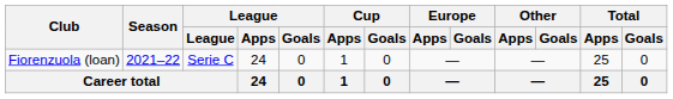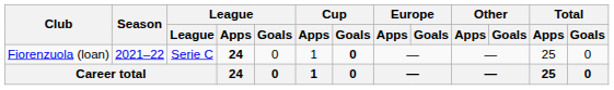 <table class="wikitable" style="text-align: center;">
 <tr>
 <th rowspan="2">Club</th>
 <th rowspan="2">Season</th>
 <th colspan="3">League</th>
 <th colspan="2">Cup</th>
 <th colspan="2">Europe</th>
 <th colspan="2">Other</th>
 <th colspan="2">Total</th>
 </tr>
 <tr>
 <th>League</th>
 <th>Apps</th>
 <th>Goals</th>
 <th>Apps</th>
 <th>Goals</th>
 <th>Apps</th>
 <th>Goals</th>
 <th>Apps</th>
 <th>Goals</th>
 <th>Apps</th>
 <th>Goals</th>
 </tr>
 <tr>
 <td><a href='#'>Fiorenzuola</a> (loan)</td>
 <td><a href='#'>2021–22</a></td>
 <td><a href='#'>Serie C</a></td>
-<td>24</td>
+<td><strong>24</strong></td>
 <td>0</td>
 <td>1</td>
-<td>0</td>
+<td><strong>0</strong></td>
 <td colspan="2">—</td>
 <td colspan="2">—</td>
 <td>25</td>
 <td>0</td>
 </tr>
 <tr>
 <th colspan="3">Career total</th>
 <th>24</th>
 <th>0</th>
 <th>1</th>
 <th>0</th>
 <th colspan="2">—</th>
 <th colspan="2">—</th>
 <th>25</th>
 <th>0</th>
 </tr>
 </table>
